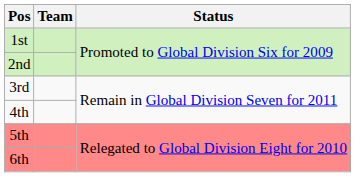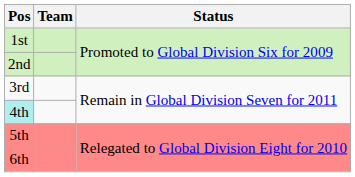 <table class="wikitable">
 <tr>
 <th>Pos</th>
 <th>Team</th>
 <th>Status</th>
 </tr>
 <tr style="background:#D0F0C0">
 <td style="text-align:center;">1st</td>
 <td></td>
 <td rowspan=2>Promoted to <a href='#'>Global Division Six for 2009</a></td>
 </tr>
 <tr style="background:#D0F0C0">
 <td style="text-align:center;">2nd</td>
 <td></td>
 </tr>
 <tr>
 <td style="text-align:center;">3rd</td>
 <td></td>
 <td rowspan=2>Remain in <a href='#'>Global Division Seven for 2011</a></td>
 </tr>
 <tr>
-<td style="text-align:center;">4th</td>
+<td style="background: paleturquoise; text-align:center;">4th</td>
 <td></td>
 </tr>
 <tr style="background:#FF8888">
 <td style="text-align:center;">5th</td>
 <td></td>
 <td rowspan=2>Relegated to <a href='#'>Global Division Eight for 2010</a></td>
 </tr>
 <tr style="background:#FF8888">
 <td style="text-align:center;">6th</td>
 <td></td>
 </tr>
 </table>
